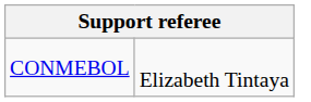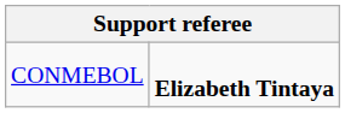 <table class="wikitable">
 <tr>
 <th colspan=2>Support referee</th>
 </tr>
 <tr>
 <td><a href='#'>CONMEBOL</a></td>
-<td><br> Elizabeth Tintaya</td>
+<td><strong><br> Elizabeth Tintaya</strong></td>
 </tr>
 </table>
